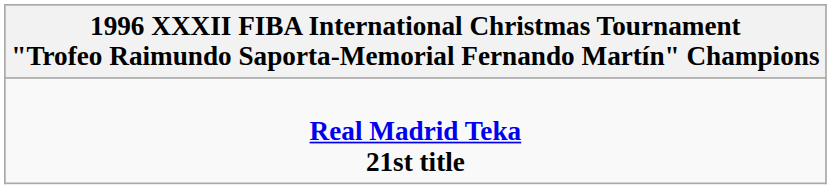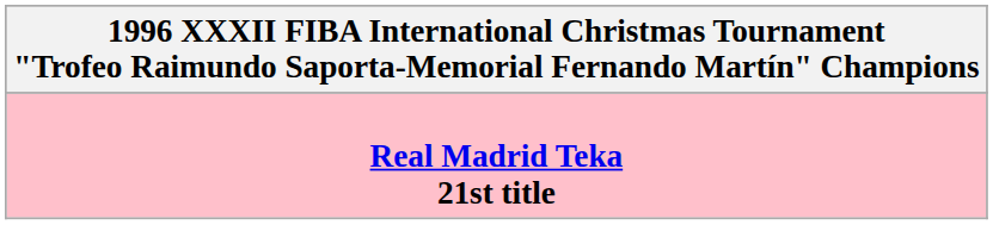 <table class=wikitable style="text-align:center; margin:auto">
 <tr>
 <th>1996 XXXII FIBA International Christmas Tournament<br>"Trofeo Raimundo Saporta-Memorial Fernando Martín" Champions</th>
 </tr>
 <tr>
-<td><br><strong><a href='#'>Real Madrid Teka</a></strong><br><strong>21st title</strong></td>
+<td style="background: pink;"><br><strong><a href='#'>Real Madrid Teka</a></strong><br><strong>21st title</strong></td>
 </tr>
 </table>
